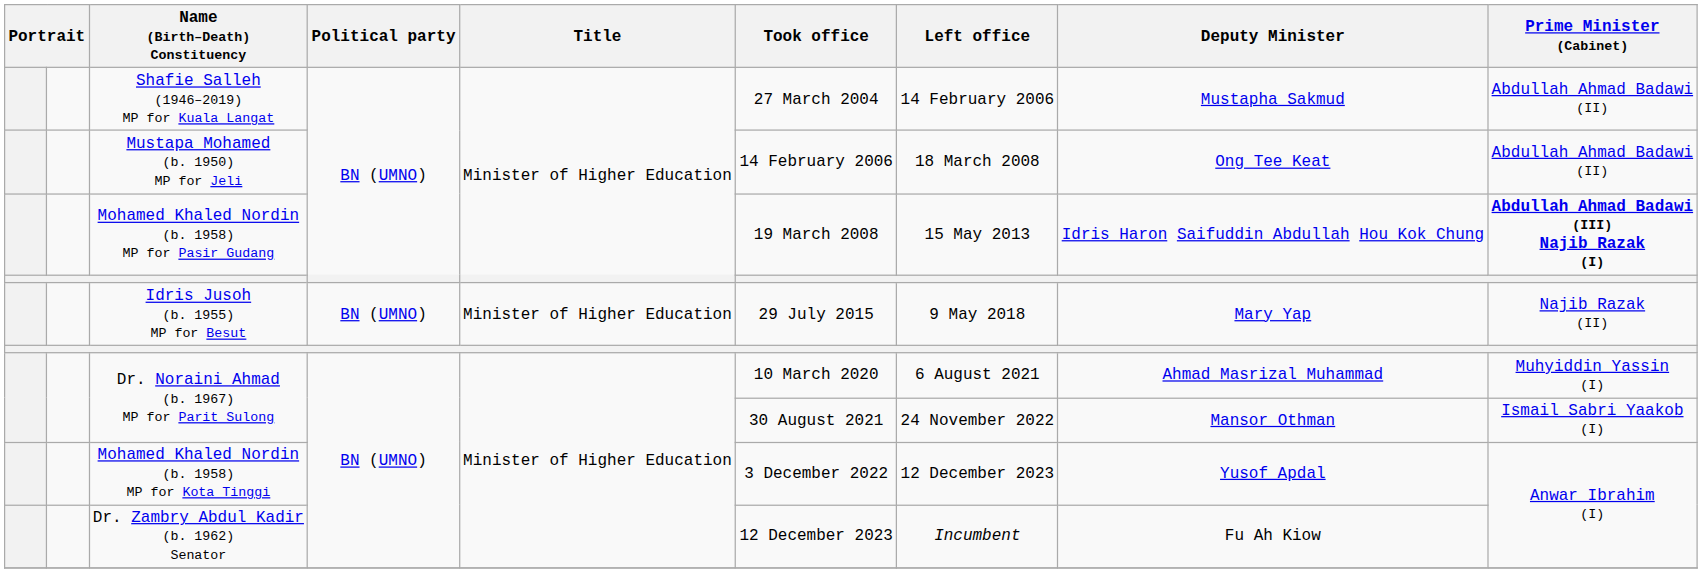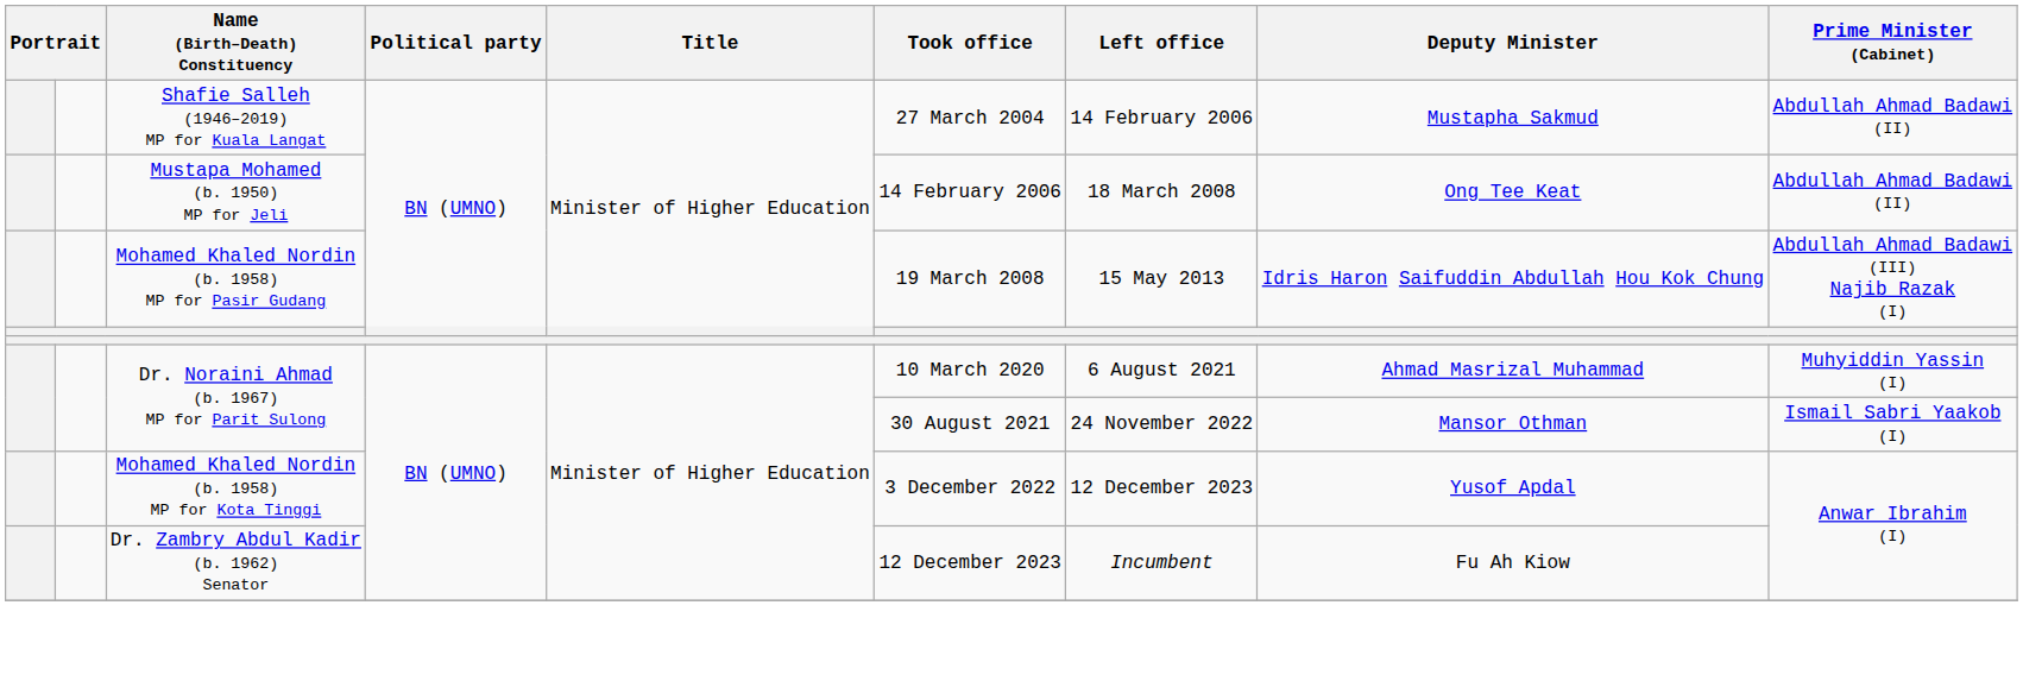 <table class="wikitable" style="text-align:center;">
 <tr>
 <th colspan=2>Portrait</th>
 <th>Name<br><small>(Birth–Death)<br>Constituency</small></th>
 <th>Political party</th>
 <th>Title</th>
 <th>Took office</th>
 <th>Left office</th>
 <th>Deputy Minister</th>
 <th><a href='#'>Prime Minister</a><br><small>(Cabinet)</small></th>
 </tr>
 <tr>
 <th style="background:"></th>
 <td></td>
 <td><a href='#'>Shafie Salleh</a><br><small>(1946–2019)<br>MP for <a href='#'>Kuala Langat</a></small></td>
 <td rowspan=4><a href='#'>BN</a> (<a href='#'>UMNO</a>)</td>
 <td rowspan=4>Minister of Higher Education</td>
 <td>27 March 2004</td>
 <td>14 February 2006</td>
 <td><a href='#'>Mustapha Sakmud</a></td>
 <td><a href='#'>Abdullah Ahmad Badawi</a><br><small>(II)</small></td>
 </tr>
 <tr>
 <th style="background:"></th>
 <td></td>
 <td><a href='#'>Mustapa Mohamed</a><br><small>(b. 1950)<br>MP for <a href='#'>Jeli</a></small></td>
 <td>14 February 2006</td>
 <td>18 March 2008</td>
 <td><a href='#'>Ong Tee Keat</a></td>
 <td><a href='#'>Abdullah Ahmad Badawi</a><br><small>(II)</small></td>
 </tr>
 <tr>
 <th style="background:"></th>
 <td></td>
 <td><a href='#'>Mohamed Khaled Nordin</a><br><small>(b. 1958)<br>MP for <a href='#'>Pasir Gudang</a></small></td>
 <td>19 March 2008</td>
 <td>15 May 2013</td>
 <td><a href='#'>Idris Haron</a>  <a href='#'>Saifuddin Abdullah</a>  <a href='#'>Hou Kok Chung</a> </td>
-<td><strong><a href='#'>Abdullah Ahmad Badawi</a><br><small>(III)</small><br><a href='#'>Najib Razak</a><br><small>(I)</small></strong></td>
+<td><a href='#'>Abdullah Ahmad Badawi</a><br><small>(III)</small><br><a href='#'>Najib Razak</a><br><small>(I)</small></td>
 </tr>
 <tr>
 <th colspan="9" bgcolor="cccccc"></th>
-</tr>
-<tr>
-<th style="background:"></th>
-<td></td>
-<td><a href='#'>Idris Jusoh</a><br><small>(b. 1955)<br>MP for <a href='#'>Besut</a></small></td>
-<td><a href='#'>BN</a> (<a href='#'>UMNO</a>)</td>
-<td>Minister of Higher Education</td>
-<td>29 July 2015</td>
-<td>9 May 2018</td>
-<td><a href='#'>Mary Yap</a></td>
-<td><a href='#'>Najib Razak</a><br><small>(II)</small></td>
 </tr>
 <tr>
 <th colspan="9" bgcolor="cccccc"></th>
 </tr>
 <tr>
 <th rowspan="2" style="background:"></th>
 <td rowspan="2"></td>
 <td rowspan="2">Dr. <a href='#'>Noraini Ahmad</a><br><small>(b. 1967)<br>MP for <a href='#'>Parit Sulong</a></small></td>
 <td rowspan="4"><a href='#'>BN</a> (<a href='#'>UMNO</a>)</td>
 <td rowspan="4">Minister of Higher Education</td>
 <td>10 March 2020</td>
 <td>6 August 2021</td>
 <td><a href='#'>Ahmad Masrizal Muhammad</a></td>
 <td><a href='#'>Muhyiddin Yassin</a><br><small>(I)</small></td>
 </tr>
 <tr>
 <td>30 August 2021</td>
 <td>24 November 2022</td>
 <td><a href='#'>Mansor Othman</a></td>
 <td><a href='#'>Ismail Sabri Yaakob</a><br><small>(I)</small></td>
 </tr>
 <tr>
 <th style="background:"></th>
 <td></td>
 <td><a href='#'>Mohamed Khaled Nordin</a><br><small>(b. 1958)<br>MP for <a href='#'>Kota Tinggi</a></small></td>
 <td>3 December 2022</td>
 <td>12 December 2023</td>
 <td><a href='#'>Yusof Apdal</a></td>
 <td rowspan="2"><a href='#'>Anwar Ibrahim</a><br><small>(I)</small></td>
 </tr>
 <tr>
 <th style="background:"></th>
 <td></td>
 <td>Dr. <a href='#'>Zambry Abdul Kadir</a><br><small>(b. 1962)<br>Senator</small></td>
 <td>12 December 2023</td>
 <td><em>Incumbent</em></td>
 <td>Fu Ah Kiow</td>
 </tr>
 <tr>
 </tr>
 </table>
